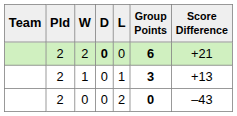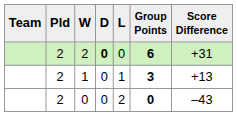 <table style=border-collapse:collapse border=1 cellspacing=0 cellpadding=5>
 <tr align=center bgcolor=#efefef>
 <th>Team</th>
 <th>Pld</th>
 <th>W</th>
 <th>D</th>
 <th>L</th>
 <th><small>Group<br>Points</small></th>
 <th><small>Score<br>Difference</small></th>
 </tr>
 <tr align=center style="background:#D0F0C0;">
 <td style="text-align:left;"> </td>
 <td>2</td>
 <td>2</td>
 <td><strong>0</strong></td>
 <td>0</td>
 <td><strong>6</strong></td>
-<td>+21</td>
+<td>+31</td>
 </tr>
 <tr align=center style="background:#ffffff;">
 <td style="text-align:left;"> </td>
 <td>2</td>
 <td>1</td>
 <td>0</td>
 <td>1</td>
 <td><strong>3</strong></td>
 <td>+13</td>
 </tr>
 <tr align=center style="background:#ffffff;">
 <td style="text-align:left;"> </td>
 <td>2</td>
 <td>0</td>
 <td>0</td>
 <td>2</td>
 <td><strong>0</strong></td>
 <td>–43</td>
 </tr>
 </table>
